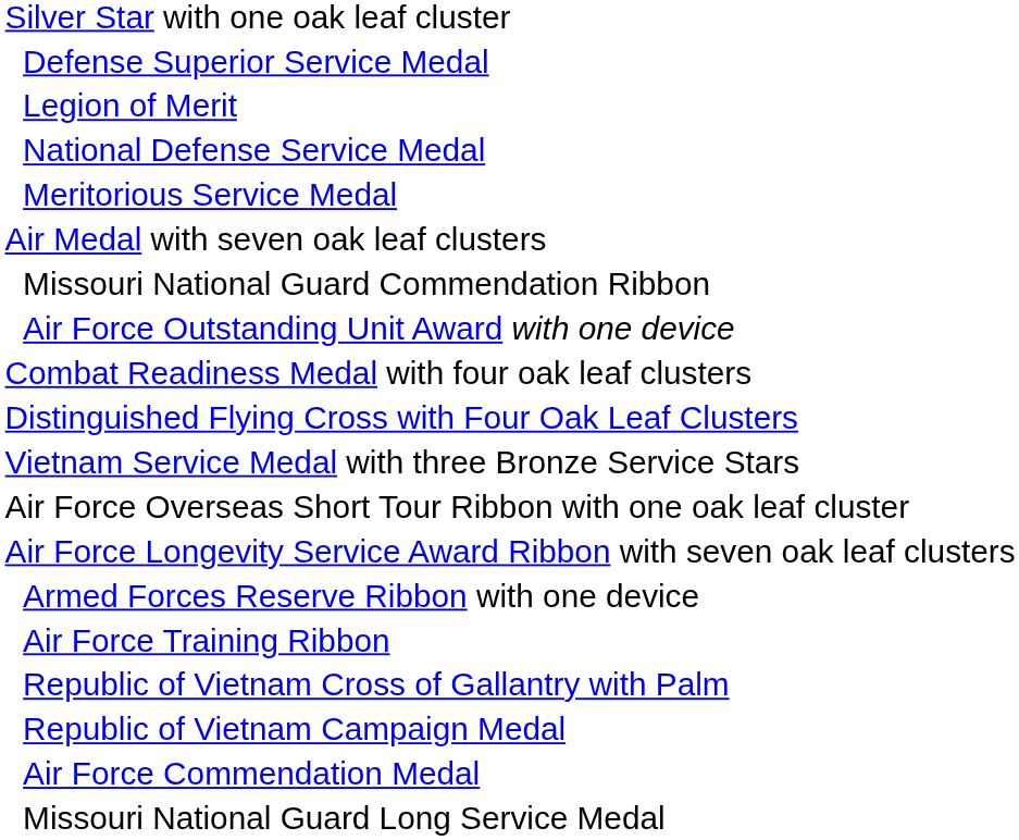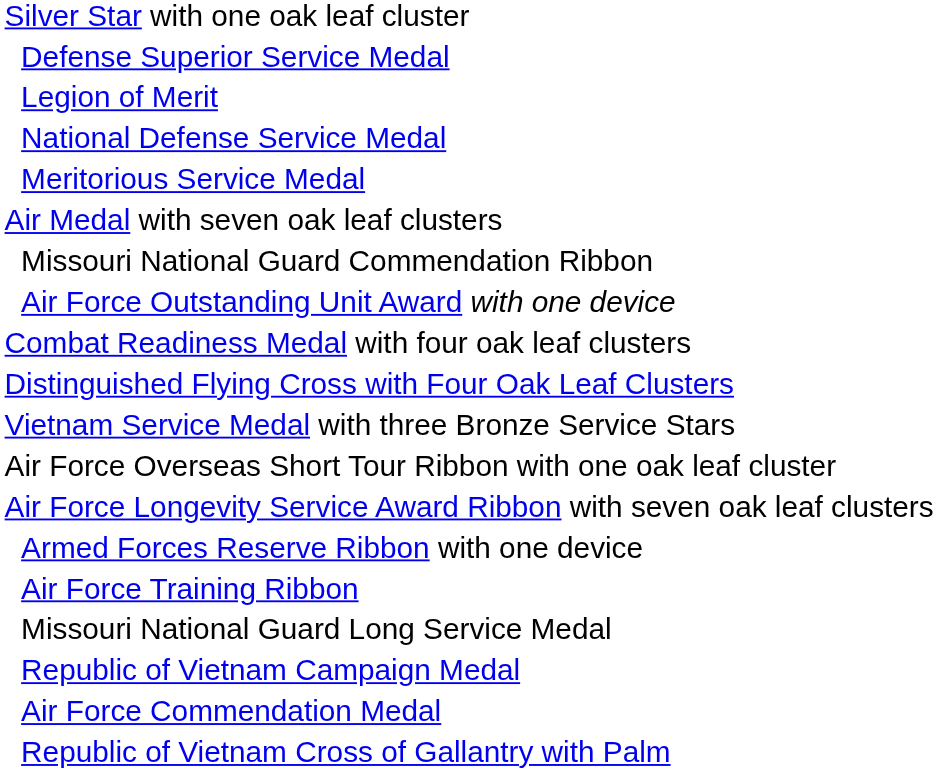 <table>
 <tr>
 <td><a href='#'>Silver Star</a> with one oak leaf cluster</td>
 </tr>
 <tr>
 <td>  <a href='#'>Defense Superior Service Medal</a></td>
 </tr>
 <tr>
 <td>  <a href='#'>Legion of Merit</a></td>
 </tr>
 <tr>
 <td>  <a href='#'>National Defense Service Medal</a></td>
 </tr>
 <tr>
 <td>  <a href='#'>Meritorious Service Medal</a></td>
 </tr>
 <tr>
 <td><a href='#'>Air Medal</a> with seven oak leaf clusters</td>
 </tr>
 <tr>
 <td>  Missouri National Guard Commendation Ribbon</td>
 </tr>
 <tr>
 <td>  <a href='#'>Air Force Outstanding Unit Award</a> <em>with one device</em></td>
 </tr>
 <tr>
 <td><a href='#'>Combat Readiness Medal</a> with four oak leaf clusters</td>
 </tr>
 <tr>
 <td> <a href='#'>Distinguished Flying Cross with Four Oak Leaf Clusters</a></td>
 </tr>
 <tr>
 <td> <a href='#'>Vietnam Service Medal</a> with three Bronze Service Stars</td>
 </tr>
 <tr>
 <td> Air Force Overseas Short Tour Ribbon with one oak leaf cluster</td>
 </tr>
 <tr>
 <td> <a href='#'>Air Force Longevity Service Award Ribbon</a> with seven oak leaf clusters</td>
 </tr>
 <tr>
 <td>  <a href='#'>Armed Forces Reserve Ribbon</a> with one device</td>
 </tr>
 <tr>
 <td>  <a href='#'>Air Force Training Ribbon</a></td>
 </tr>
 <tr>
-<td>  <a href='#'>Republic of Vietnam Cross of Gallantry with Palm</a></td>
+<td>   Missouri National Guard Long Service Medal</td>
 </tr>
 <tr>
 <td>  <a href='#'>Republic of Vietnam Campaign Medal</a></td>
 </tr>
 <tr>
 <td>  <a href='#'>Air Force Commendation Medal</a></td>
 </tr>
 <tr>
-<td>   Missouri National Guard Long Service Medal</td>
+<td>  <a href='#'>Republic of Vietnam Cross of Gallantry with Palm</a></td>
 </tr>
 </table>
